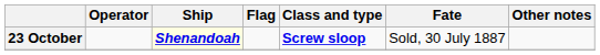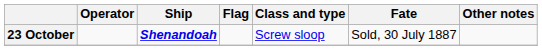 <table class="wikitable">
 <tr>
 <th></th>
 <th>Operator</th>
 <th>Ship</th>
 <th>Flag</th>
 <th>Class and type</th>
 <th>Fate</th>
 <th>Other notes</th>
 </tr>
 <tr ---->
 <th>23 October</th>
 <td></td>
-<td style="background: lightyellow;"><a href='#'><strong><em>Shenandoah</em></strong></a></td>
+<td><a href='#'><strong><em>Shenandoah</em></strong></a></td>
 <td></td>
-<td><strong><a href='#'>Screw sloop</a></strong></td>
+<td><a href='#'>Screw sloop</a></td>
 <td>Sold, 30 July 1887</td>
 <td></td>
 </tr>
 <tr ---->
 </tr>
 </table>
